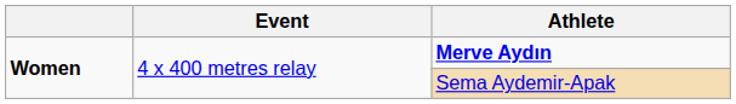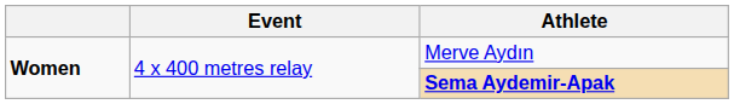 <table class=wikitable style="font-size:90%" width=60%>
 <tr>
 <th></th>
 <th>Event</th>
 <th>Athlete</th>
 </tr>
 <tr>
 <td rowspan=2><strong>Women</strong></td>
 <td rowspan=2><a href='#'>4 x 400 metres relay</a></td>
-<td><strong><a href='#'>Merve Aydın</a></strong></td>
+<td><a href='#'>Merve Aydın</a></td>
 </tr>
 <tr>
-<td bgcolor="wheat"><a href='#'>Sema Aydemir-Apak</a></td>
+<td bgcolor="wheat"><strong><a href='#'>Sema Aydemir-Apak</a></strong></td>
 </tr>
 </table>
